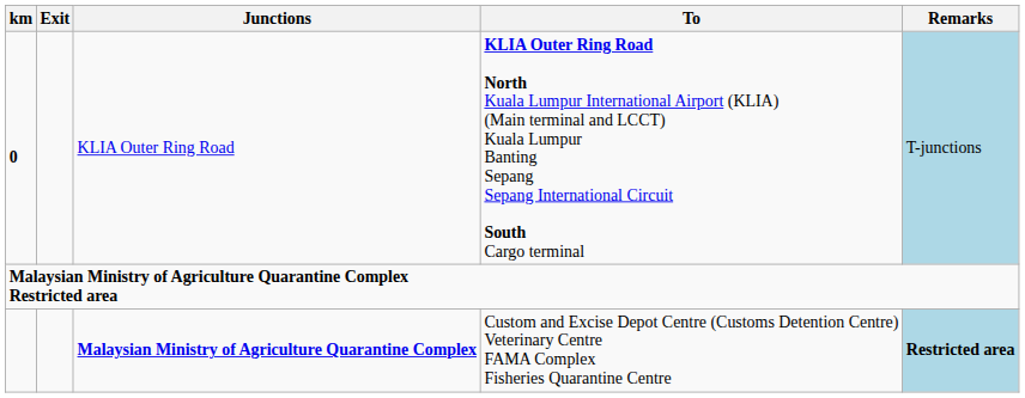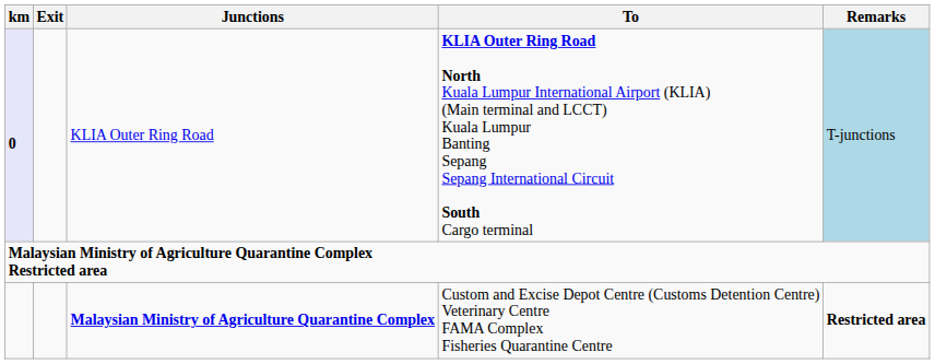 <table class="wikitable">
 <tr>
 <th>km</th>
 <th>Exit</th>
 <th>Junctions</th>
 <th>To</th>
 <th>Remarks</th>
 </tr>
 <tr>
-<td><br><strong>0</strong></td>
+<td style="background: lavender;"><br><strong>0</strong></td>
 <td></td>
 <td><a href='#'>KLIA Outer Ring Road</a></td>
 <td> <strong><a href='#'>KLIA Outer Ring Road</a></strong><br><br><strong>North</strong><br> <a href='#'>Kuala Lumpur International Airport</a> (KLIA) <br>(Main terminal and LCCT)<br> Kuala Lumpur<br> Banting<br>  Sepang<br><a href='#'>Sepang International Circuit</a><br><br><strong>South</strong><br> Cargo terminal</td>
 <td style="background: lightblue;">T-junctions</td>
 </tr>
 <tr>
 <td style="width:600px" colspan="6" style="text-align:center; background:green;"><strong><span>Malaysian Ministry of Agriculture Quarantine Complex</span></strong><br><strong><span>Restricted area</span></strong></td>
 </tr>
 <tr>
 <td></td>
 <td></td>
 <td><strong><a href='#'>Malaysian Ministry of Agriculture Quarantine Complex</a></strong></td>
 <td>Custom and Excise Depot Centre (Customs Detention Centre)<br>Veterinary Centre<br>FAMA Complex<br>Fisheries Quarantine Centre</td>
-<td style="background: lightblue;"><strong><span>Restricted area</span></strong></td>
+<td><strong><span>Restricted area</span></strong></td>
 </tr>
 </table>
